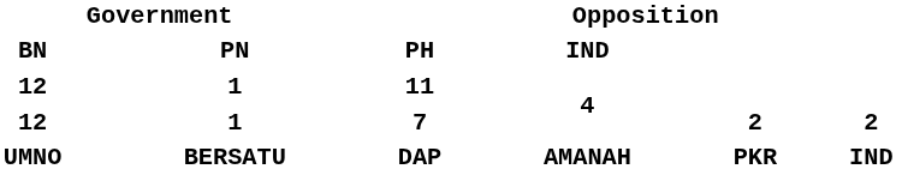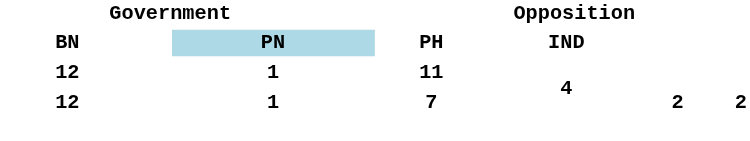 <table style="width:40em;">
 <tr style="text-align:center;">
 <td colspan="2" style="color:"><strong>Government</strong></td>
 <td colspan="4" style="color:"><strong>Opposition</strong></td>
 </tr>
 <tr style="text-align:center;">
 <td colspan="1" style="color:"><strong>BN</strong></td>
-<td style="color:"><strong>PN</strong></td>
+<td style="background: lightblue; color:"><strong>PN</strong></td>
 <td style="color:"><strong>PH</strong></td>
 <td colspan="1" style="color:"><strong>IND</strong></td>
 </tr>
 <tr style="text-align:center;">
 <td style="background:"><strong>12</strong></td>
 <td style="background:"><strong>1</strong></td>
 <td style="background:"><strong>11</strong></td>
 <td rowspan=2 style="background:"><strong>4</strong></td>
 </tr>
 <tr style="text-align:center;">
 <td style="background:"><strong>12</strong></td>
 <td style="background:"><strong>1</strong></td>
 <td style="background:"><strong>7</strong></td>
 <td style="background:"><strong>2</strong></td>
 <td style="background:"><strong>2</strong></td>
 </tr>
-<tr style="text-align:center;">
-<td style="color:"><strong>UMNO</strong></td>
-<td style="color:"><strong>BERSATU</strong></td>
-<td style="color:"><strong>DAP</strong></td>
-<td style="color:"><strong>AMANAH</strong></td>
-<td style="color:"><strong>PKR</strong></td>
-<td style="color:"><strong>IND</strong></td>
-</tr>
 </table>
